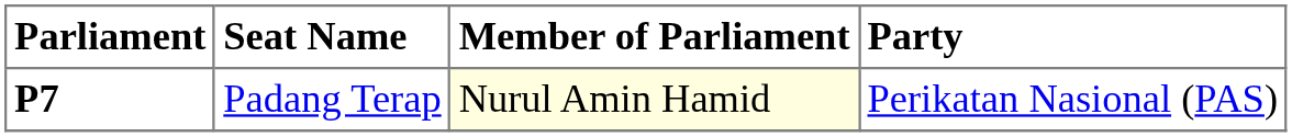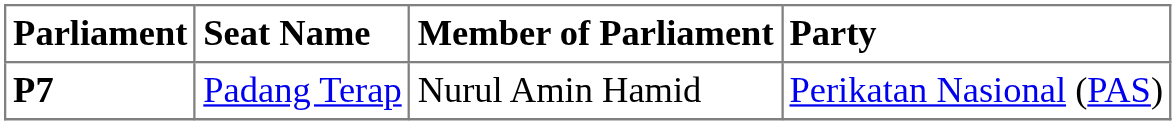 <table class="toccolours sortable" cellpadding="3" border="1" style="border-collapse:collapse; text-align: left;">
 <tr>
 <th align="center">Parliament</th>
 <th>Seat Name</th>
 <th>Member of Parliament</th>
 <th>Party</th>
 </tr>
 <tr>
 <th align="left">P7</th>
 <td><a href='#'>Padang Terap</a></td>
-<td style="background: lightyellow;">Nurul Amin Hamid</td>
+<td>Nurul Amin Hamid</td>
 <td><a href='#'>Perikatan Nasional</a> (<a href='#'>PAS</a>)</td>
 </tr>
 <tr>
 </tr>
 </table>
